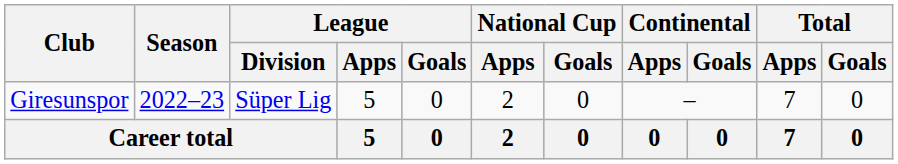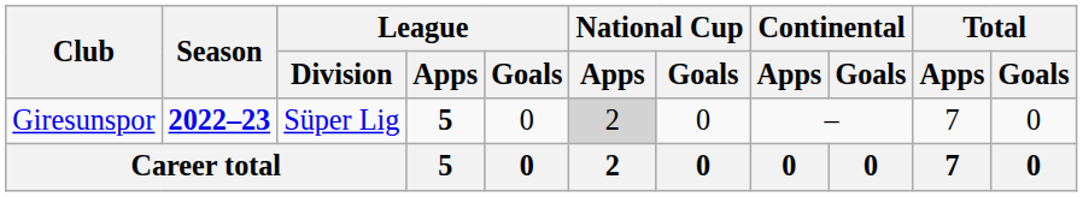 <table class="wikitable" style="text-align:center">
 <tr>
 <th rowspan=2>Club</th>
 <th rowspan=2>Season</th>
 <th colspan=3>League</th>
 <th colspan=2>National Cup</th>
 <th colspan=2>Continental</th>
 <th colspan=2>Total</th>
 </tr>
 <tr>
 <th>Division</th>
 <th>Apps</th>
 <th>Goals</th>
 <th>Apps</th>
 <th>Goals</th>
 <th>Apps</th>
 <th>Goals</th>
 <th>Apps</th>
 <th>Goals</th>
 </tr>
 <tr>
 <td><a href='#'>Giresunspor</a></td>
-<td><a href='#'>2022–23</a></td>
+<td><strong><a href='#'>2022–23</a></strong></td>
 <td><a href='#'>Süper Lig</a></td>
-<td>5</td>
+<td><strong>5</strong></td>
 <td>0</td>
-<td>2</td>
+<td style="background: lightgrey;">2</td>
 <td>0</td>
 <td colspan=2>–</td>
 <td>7</td>
 <td>0</td>
 </tr>
 <tr>
 <th colspan=3>Career total</th>
 <th>5</th>
 <th>0</th>
 <th>2</th>
 <th>0</th>
 <th>0</th>
 <th>0</th>
 <th>7</th>
 <th>0</th>
 </tr>
 </table>
